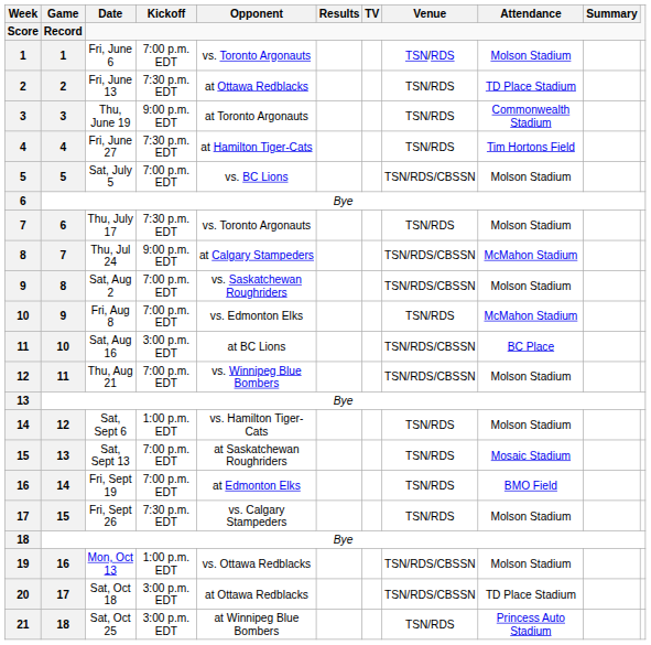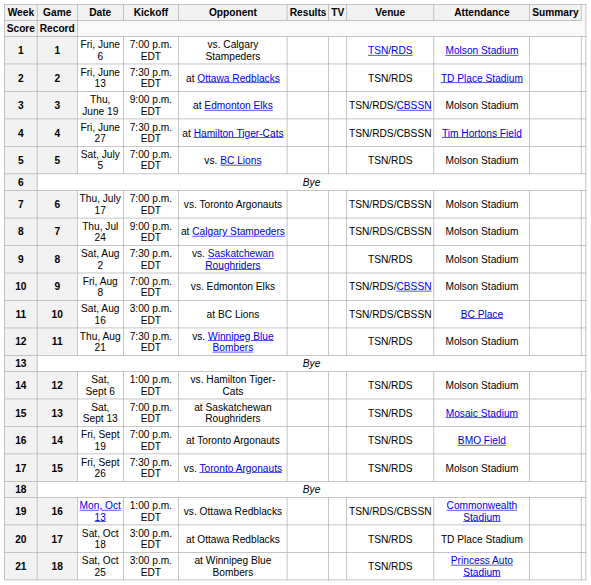 <table class="wikitable" style="font-size: 95%;">
 <tr>
 <th scope="col">Week</th>
 <th scope="col">Game</th>
 <th scope="col">Date</th>
 <th scope="col">Kickoff</th>
 <th scope="col">Opponent</th>
 <th scope="col">Results</th>
 <th scope="col">TV</th>
 <th scope="col">Venue</th>
 <th scope="col">Attendance</th>
 <th scope="col">Summary</th>
 </tr>
 <tr>
 <th scope="col">Score</th>
 <th scope="col">Record</th>
 </tr>
 <tr align="center"= bgcolor="ffffff">
 <th align="center"><strong>1</strong></th>
 <th align="center"><strong>1</strong></th>
 <td align="center">Fri, June 6</td>
 <td align="center">7:00 p.m. EDT</td>
-<td align="center">vs. <a href='#'>Toronto Argonauts</a></td>
+<td align="center">vs. Calgary Stampeders</td>
 <td align="center"></td>
 <td align="center"></td>
 <td align="center"><a href='#'>TSN</a>/<a href='#'>RDS</a></td>
 <td align="center"><a href='#'>Molson Stadium</a></td>
 <td align="center"></td>
 <td align="center"></td>
 </tr>
 <tr align="center"= bgcolor="ffffff">
 <th align="center"><strong>2</strong></th>
 <th align="center"><strong>2</strong></th>
 <td align="center">Fri, June 13</td>
 <td align="center">7:30 p.m. EDT</td>
 <td align="center">at <a href='#'>Ottawa Redblacks</a></td>
 <td align="center"></td>
 <td align="center"></td>
 <td align="center">TSN/RDS</td>
 <td align="center"><a href='#'>TD Place Stadium</a></td>
 <td align="center"></td>
 <td align="center"></td>
 </tr>
 <tr align="center"= bgcolor="ffffff">
 <th align="center"><strong>3</strong></th>
 <th align="center"><strong>3</strong></th>
 <td align="center">Thu, June 19</td>
 <td align="center">9:00 p.m. EDT</td>
-<td align="center">at Toronto Argonauts</td>
+<td align="center">at <a href='#'>Edmonton Elks</a></td>
 <td align="center"></td>
 <td align="center"></td>
-<td align="center">TSN/RDS</td>
-<td align="center"><a href='#'>Commonwealth Stadium</a></td>
+<td align="center">TSN/RDS/<a href='#'>CBSSN</a></td>
+<td align="center">Molson Stadium</td>
 <td align="center"></td>
 <td align="center"></td>
 </tr>
 <tr align="center"= bgcolor="ffffff">
 <th align="center"><strong>4</strong></th>
 <th align="center"><strong>4</strong></th>
 <td align="center">Fri, June 27</td>
 <td align="center">7:30 p.m. EDT</td>
 <td align="center">at <a href='#'>Hamilton Tiger-Cats</a></td>
 <td align="center"></td>
 <td align="center"></td>
-<td align="center">TSN/RDS</td>
+<td align="center">TSN/RDS/CBSSN</td>
 <td align="center"><a href='#'>Tim Hortons Field</a></td>
 <td align="center"></td>
 <td align="center"></td>
 </tr>
 <tr align="center"= bgcolor="ffffff">
 <th align="center"><strong>5</strong></th>
 <th align="center"><strong>5</strong></th>
 <td align="center">Sat, July 5</td>
 <td align="center">7:00 p.m. EDT</td>
 <td align="center">vs. <a href='#'>BC Lions</a></td>
 <td align="center"></td>
 <td align="center"></td>
-<td align="center">TSN/RDS/CBSSN</td>
+<td align="center">TSN/RDS</td>
 <td align="center">Molson Stadium</td>
 <td align="center"></td>
 <td align="center"></td>
 </tr>
 <tr align="center"= bgcolor="ffffff">
 <th align="center"><strong>6</strong></th>
 <td colspan=10 align="center" valign="middle"><em>Bye</em></td>
 </tr>
 <tr align="center"= bgcolor="ffffff">
 <th align="center"><strong>7</strong></th>
 <th align="center"><strong>6</strong></th>
 <td align="center">Thu, July 17</td>
-<td align="center">7:30 p.m. EDT</td>
+<td align="center">7:00 p.m. EDT</td>
 <td align="center">vs. Toronto Argonauts</td>
 <td align="center"></td>
 <td align="center"></td>
-<td align="center">TSN/RDS</td>
+<td align="center">TSN/RDS/CBSSN</td>
 <td align="center">Molson Stadium</td>
 <td align="center"></td>
 <td align="center"></td>
 </tr>
 <tr align="center"= bgcolor="ffffff">
 <th align="center"><strong>8</strong></th>
 <th align="center"><strong>7</strong></th>
 <td align="center">Thu, Jul 24</td>
 <td align="center">9:00 p.m. EDT</td>
 <td align="center">at <a href='#'>Calgary Stampeders</a></td>
 <td align="center"></td>
 <td align="center"></td>
 <td align="center">TSN/RDS/CBSSN</td>
-<td align="center"><a href='#'>McMahon Stadium</a></td>
+<td align="center">Molson Stadium</td>
 <td align="center"></td>
 <td align="center"></td>
 </tr>
 <tr align="center"= bgcolor="ffffff">
 <th align="center"><strong>9</strong></th>
 <th align="center"><strong>8</strong></th>
 <td align="center">Sat, Aug 2</td>
-<td align="center">7:00 p.m. EDT</td>
+<td align="center">7:30 p.m. EDT</td>
 <td align="center">vs. <a href='#'>Saskatchewan Roughriders</a></td>
 <td align="center"></td>
 <td align="center"></td>
-<td align="center">TSN/RDS/CBSSN</td>
+<td align="center">TSN/RDS</td>
 <td align="center">Molson Stadium</td>
 <td align="center"></td>
 <td align="center"></td>
 </tr>
 <tr align="center"= bgcolor="ffffff">
 <th align="center"><strong>10</strong></th>
 <th align="center"><strong>9</strong></th>
 <td align="center">Fri, Aug 8</td>
 <td align="center">7:00 p.m. EDT</td>
 <td align="center">vs. Edmonton Elks</td>
 <td align="center"></td>
 <td align="center"></td>
-<td align="center">TSN/RDS</td>
-<td align="center"><a href='#'>McMahon Stadium</a></td>
+<td align="center">TSN/RDS/<a href='#'>CBSSN</a></td>
+<td align="center">Molson Stadium</td>
 <td align="center"></td>
 <td align="center"></td>
 </tr>
 <tr align="center"= bgcolor="ffffff">
 <th align="center"><strong>11</strong></th>
 <th align="center"><strong>10</strong></th>
 <td align="center">Sat, Aug 16</td>
 <td align="center">3:00 p.m. EDT</td>
 <td align="center">at BC Lions</td>
 <td align="center"></td>
 <td align="center"></td>
 <td align="center">TSN/RDS/CBSSN</td>
 <td align="center"><a href='#'>BC Place</a></td>
 <td align="center"></td>
 <td align="center"></td>
 </tr>
 <tr align="center"= bgcolor="ffffff">
 <th align="center"><strong>12</strong></th>
 <th align="center"><strong>11</strong></th>
 <td align="center">Thu, Aug 21</td>
-<td align="center">7:00 p.m. EDT</td>
+<td align="center">7:30 p.m. EDT</td>
 <td align="center">vs. <a href='#'>Winnipeg Blue Bombers</a></td>
 <td align="center"></td>
 <td align="center"></td>
-<td align="center">TSN/RDS/CBSSN</td>
+<td align="center">TSN/RDS</td>
 <td align="center">Molson Stadium</td>
 <td align="center"></td>
 <td align="center"></td>
 </tr>
 <tr align="center"= bgcolor="ffffff">
 <th align="center"><strong>13</strong></th>
 <td colspan=10 align="center" valign="middle"><em>Bye</em></td>
 </tr>
 <tr align="center"= bgcolor="ffffff">
 <th align="center"><strong>14</strong></th>
 <th align="center"><strong>12</strong></th>
 <td align="center">Sat, Sept 6</td>
 <td align="center">1:00 p.m. EDT</td>
 <td align="center">vs. Hamilton Tiger-Cats</td>
 <td align="center"></td>
 <td align="center"></td>
 <td align="center">TSN/RDS</td>
 <td align="center">Molson Stadium</td>
 <td align="center"></td>
 <td align="center"></td>
 </tr>
 <tr align="center"= bgcolor="ffffff">
 <th align="center"><strong>15</strong></th>
 <th align="center"><strong>13</strong></th>
 <td align="center">Sat, Sept 13</td>
 <td align="center">7:00 p.m. EDT</td>
 <td align="center">at Saskatchewan Roughriders</td>
 <td align="center"></td>
 <td align="center"></td>
 <td align="center">TSN/RDS</td>
 <td align="center"><a href='#'>Mosaic Stadium</a></td>
 <td align="center"></td>
 <td align="center"></td>
 </tr>
 <tr align="center"= bgcolor="ffffff">
 <th align="center"><strong>16</strong></th>
 <th align="center"><strong>14</strong></th>
 <td align="center">Fri, Sept 19</td>
 <td align="center">7:00 p.m. EDT</td>
-<td align="center">at <a href='#'>Edmonton Elks</a></td>
+<td align="center">at Toronto Argonauts</td>
 <td align="center"></td>
 <td align="center"></td>
 <td align="center">TSN/RDS</td>
 <td align="center"><a href='#'>BMO Field</a></td>
 <td align="center"></td>
 <td align="center"></td>
 </tr>
 <tr align="center"= bgcolor="ffffff">
 <th align="center"><strong>17</strong></th>
 <th align="center"><strong>15</strong></th>
 <td align="center">Fri, Sept 26</td>
 <td align="center">7:30 p.m. EDT</td>
-<td align="center">vs. Calgary Stampeders</td>
+<td align="center">vs. <a href='#'>Toronto Argonauts</a></td>
 <td align="center"></td>
 <td align="center"></td>
 <td align="center">TSN/RDS</td>
 <td align="center">Molson Stadium</td>
 <td align="center"></td>
 <td align="center"></td>
 </tr>
 <tr align="center"= bgcolor="ffffff">
 <th align="center"><strong>18</strong></th>
 <td colspan=10 align="center" valign="middle"><em>Bye</em></td>
 </tr>
 <tr align="center"= bgcolor="ffffff">
 <th align="center"><strong>19</strong></th>
 <th align="center"><strong>16</strong></th>
 <td align="center"><a href='#'>Mon, Oct 13</a></td>
 <td align="center">1:00 p.m. EDT</td>
 <td align="center">vs. Ottawa Redblacks</td>
 <td align="center"></td>
 <td align="center"></td>
 <td align="center">TSN/RDS/CBSSN</td>
-<td align="center">Molson Stadium</td>
+<td align="center"><a href='#'>Commonwealth Stadium</a></td>
 <td align="center"></td>
 <td align="center"></td>
 </tr>
 <tr align="center"= bgcolor="ffffff">
 <th align="center"><strong>20</strong></th>
 <th align="center"><strong>17</strong></th>
 <td align="center">Sat, Oct 18</td>
 <td align="center">3:00 p.m. EDT</td>
 <td align="center">at Ottawa Redblacks</td>
 <td align="center"></td>
 <td align="center"></td>
-<td align="center">TSN/RDS/CBSSN</td>
+<td align="center">TSN/RDS</td>
 <td align="center">TD Place Stadium</td>
 <td align="center"></td>
 <td align="center"></td>
 </tr>
 <tr align="center"= bgcolor="ffffff">
 <th align="center"><strong>21</strong></th>
 <th align="center"><strong>18</strong></th>
 <td align="center">Sat, Oct 25</td>
 <td align="center">3:00 p.m. EDT</td>
 <td align="center">at Winnipeg Blue Bombers</td>
 <td align="center"></td>
 <td align="center"></td>
 <td align="center">TSN/RDS</td>
 <td align="center"><a href='#'>Princess Auto Stadium</a></td>
 <td align="center"></td>
 <td align="center"></td>
 </tr>
 </table>
